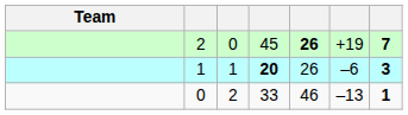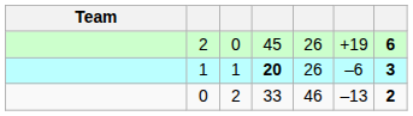 <table class="wikitable" style="text-align:center;">
 <tr>
 <th style="width:10.5em;">Team</th>
 <th style="width:1.5em;"></th>
 <th style="width:1.5em;"></th>
 <th style="width:2.0em;"></th>
 <th style="width:2.0em;"></th>
 <th style="width:2.0em;"></th>
 <th style="width:1.5em;"></th>
 </tr>
 <tr bgcolor=#cfc>
 <td align="left"></td>
 <td>2</td>
 <td>0</td>
 <td>45</td>
-<td><strong>26</strong></td>
+<td>26</td>
 <td>+19</td>
-<td><strong>7</strong></td>
+<td><strong>6</strong></td>
 </tr>
 <tr bgcolor=#bff>
 <td align="left"></td>
 <td>1</td>
 <td>1</td>
 <td><strong>20</strong></td>
 <td>26</td>
 <td>–6</td>
 <td><strong>3</strong></td>
 </tr>
 <tr>
 <td align="left"></td>
 <td>0</td>
 <td>2</td>
 <td>33</td>
 <td>46</td>
 <td>–13</td>
-<td><strong>1</strong></td>
+<td><strong>2</strong></td>
 </tr>
 </table>
